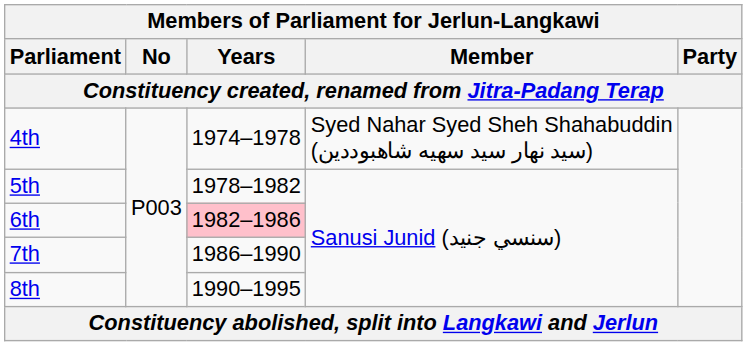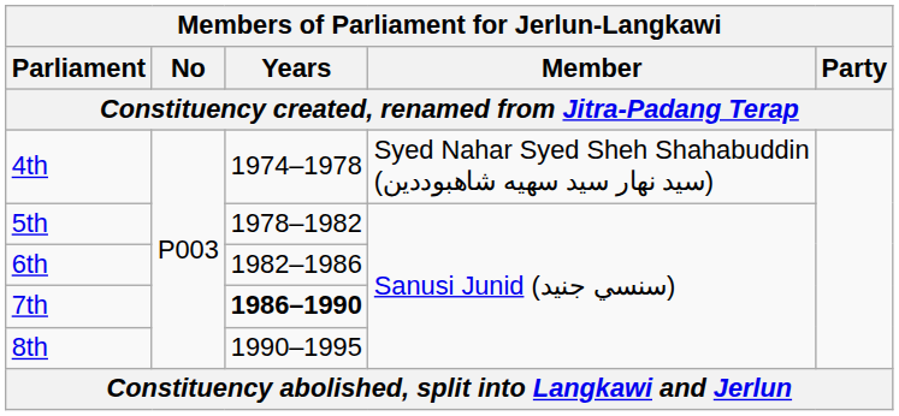 <table class=wikitable>
 <tr>
 <th colspan="5">Members of Parliament for Jerlun-Langkawi</th>
 </tr>
 <tr>
 <th>Parliament</th>
 <th>No</th>
 <th>Years</th>
 <th>Member</th>
 <th>Party</th>
 </tr>
 <tr>
 <th colspan="5" align="center"><em>Constituency created, renamed from <a href='#'>Jitra-Padang Terap</a></em></th>
 </tr>
 <tr>
 <td><a href='#'>4th</a></td>
 <td rowspan="5">P003</td>
 <td>1974–1978</td>
 <td>Syed Nahar Syed Sheh Shahabuddin  <br> (سيد نهار سيد سهيه شاهبوددين)</td>
 <td rowspan="5"></td>
 </tr>
 <tr>
 <td><a href='#'>5th</a></td>
 <td>1978–1982</td>
 <td rowspan="4"><a href='#'>Sanusi Junid</a>  (سنسي جنيد)</td>
 </tr>
 <tr>
 <td><a href='#'>6th</a></td>
-<td style="background: pink;">1982–1986</td>
+<td>1982–1986</td>
 </tr>
 <tr>
 <td><a href='#'>7th</a></td>
-<td>1986–1990</td>
+<td><strong>1986–1990</strong></td>
 </tr>
 <tr>
 <td><a href='#'>8th</a></td>
 <td>1990–1995</td>
 </tr>
 <tr>
 <th colspan="5" align="center"><em>Constituency abolished, split into <a href='#'>Langkawi</a> and <a href='#'>Jerlun</a></em></th>
 </tr>
 </table>
